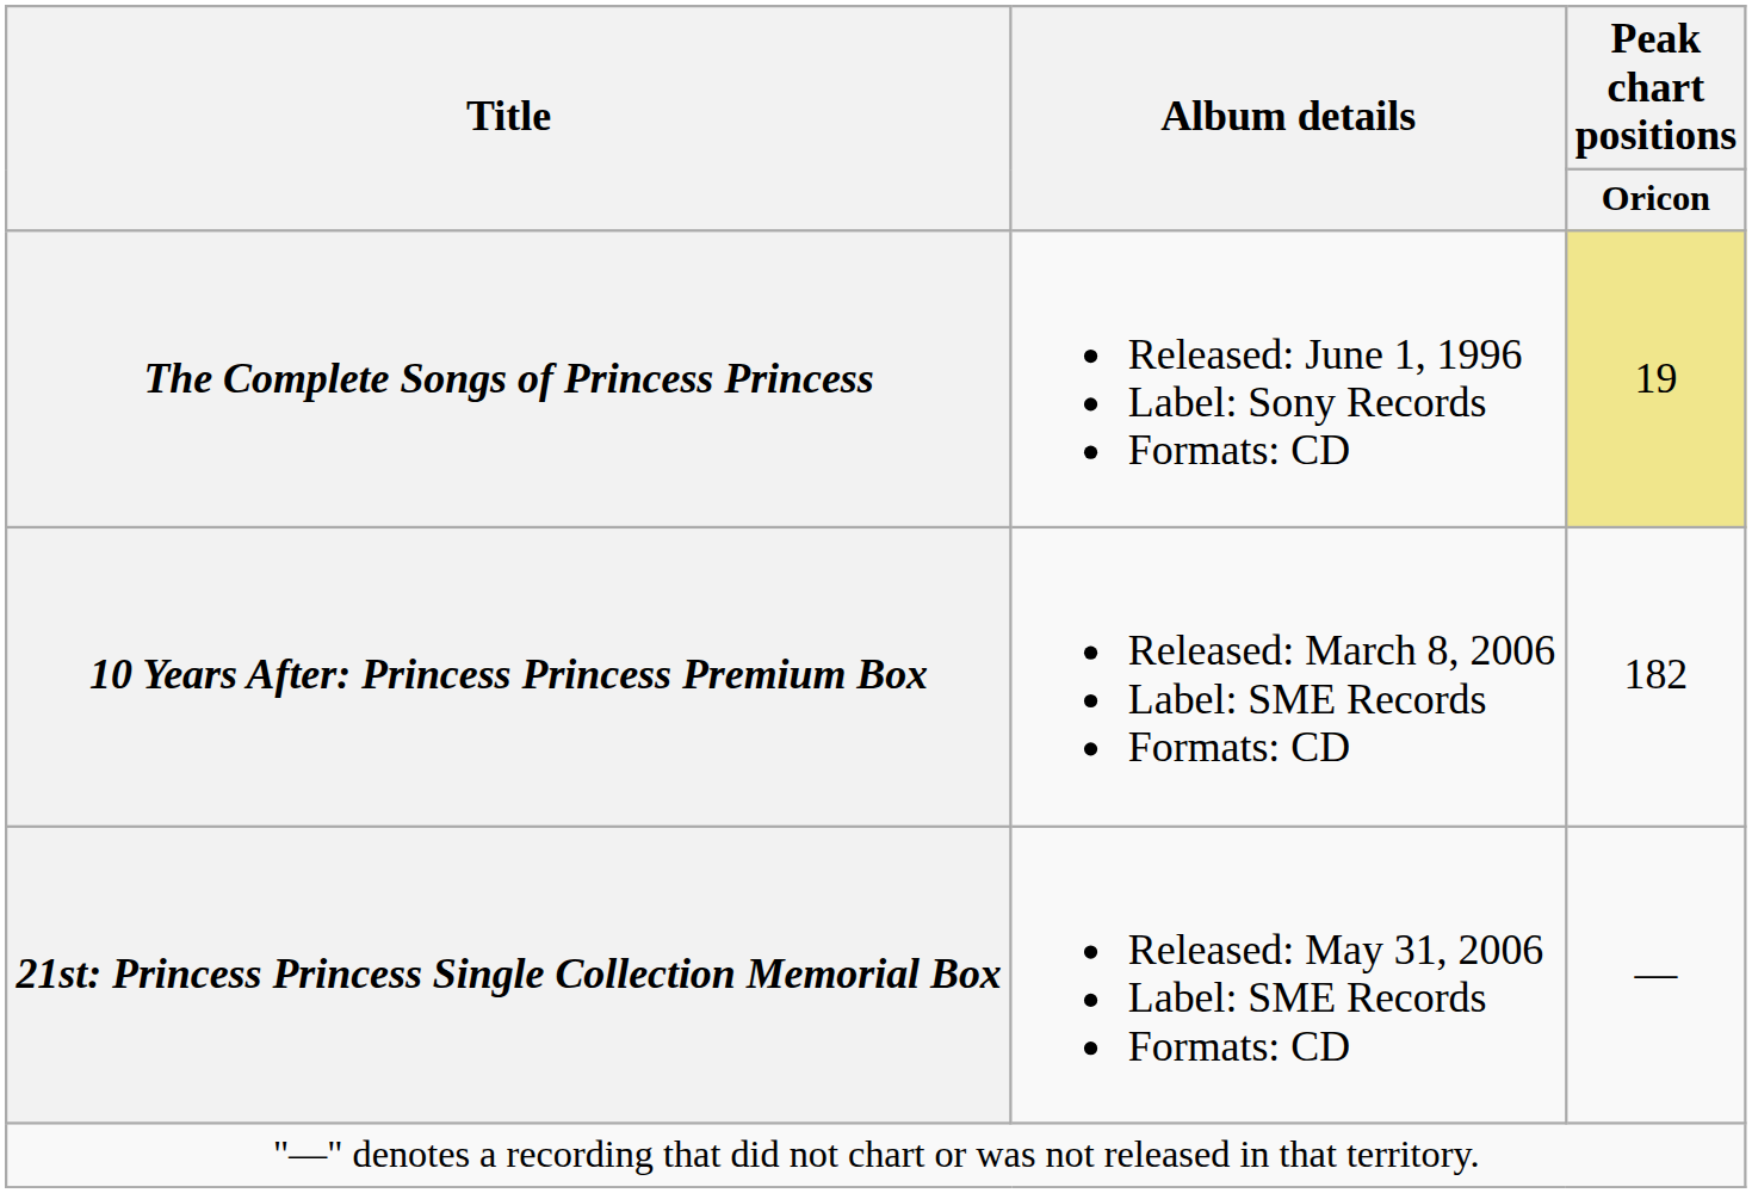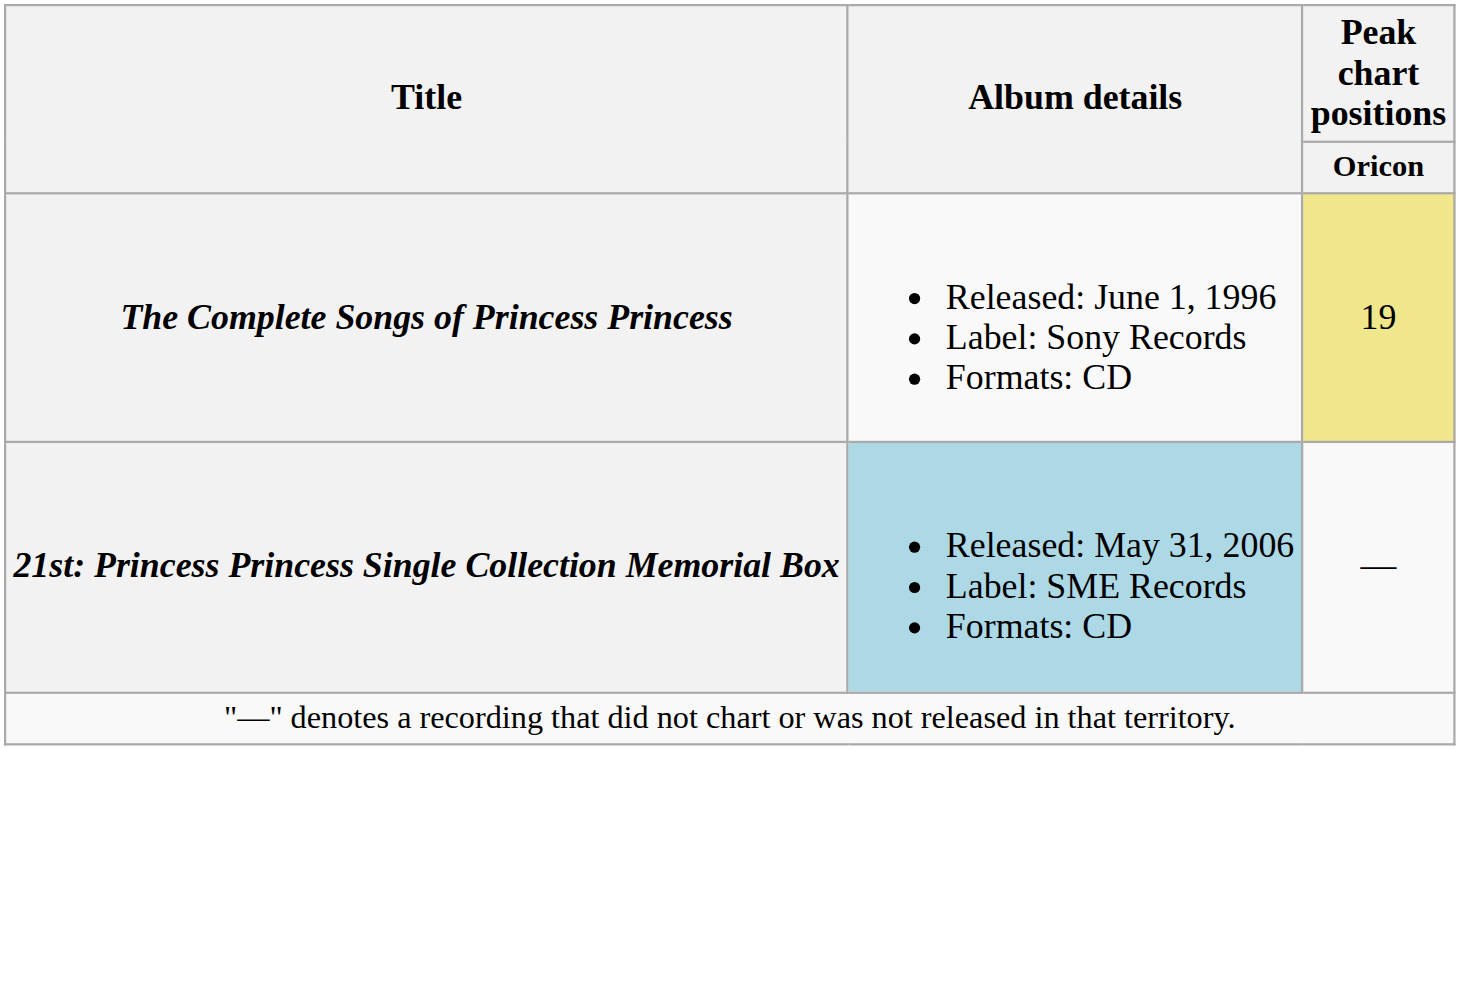 <table class="wikitable plainrowheaders">
 <tr>
 <th scope="col" rowspan="2">Title</th>
 <th scope="col" rowspan="2">Album details</th>
 <th scope="col" colspan="1">Peak chart positions</th>
 </tr>
 <tr>
 <th scope="col" style="width:4em;font-size:85%">Oricon<br></th>
 </tr>
 <tr>
 <th scope="row"><em>The Complete Songs of Princess Princess</em></th>
 <td><br><ul><li>Released: June 1, 1996</li><li>Label: Sony Records</li><li>Formats: CD</li></ul></td>
 <td align="center" style="background: khaki;">19</td>
 </tr>
 <tr>
-<th scope="row"><em>10 Years After: Princess Princess Premium Box</em></th>
-<td><br><ul><li>Released: March 8, 2006</li><li>Label: SME Records</li><li>Formats: CD</li></ul></td>
-<td align="center">182</td>
-</tr>
-<tr>
 <th scope="row"><em>21st: Princess Princess Single Collection Memorial Box</em></th>
-<td><br><ul><li>Released: May 31, 2006</li><li>Label: SME Records</li><li>Formats: CD</li></ul></td>
+<td style="background: lightblue;"><br><ul><li>Released: May 31, 2006</li><li>Label: SME Records</li><li>Formats: CD</li></ul></td>
 <td align="center">—</td>
 </tr>
 <tr>
 <td align="center" colspan="3" style="font-size:90%">"—" denotes a recording that did not chart or was not released in that territory.</td>
 </tr>
 </table>
